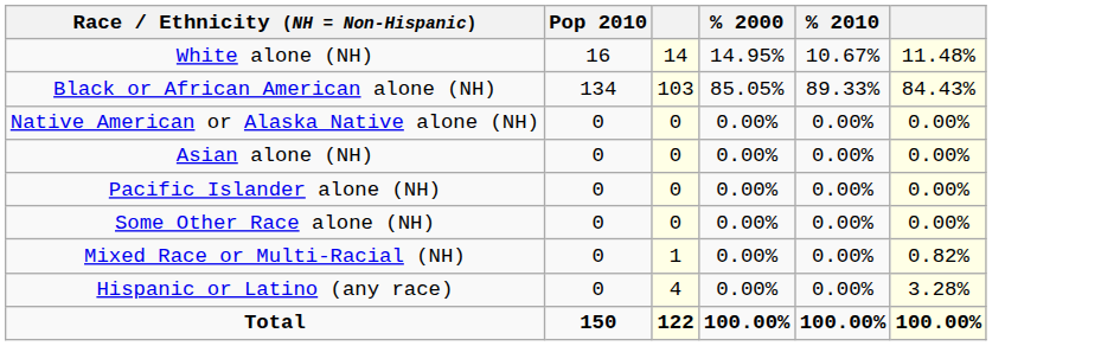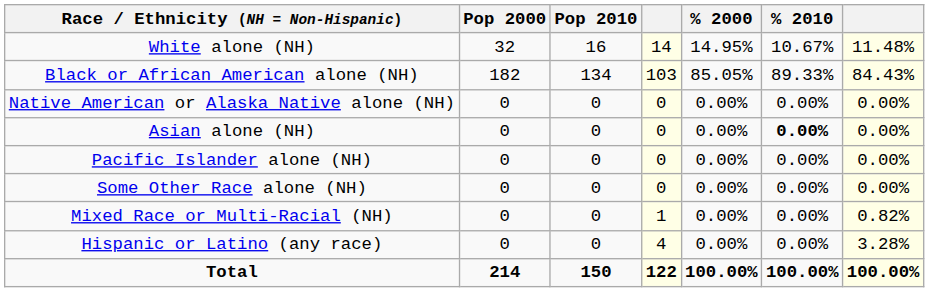 <table class="wikitable" style="text-align:center;">
 <tr>
 <th>Race / Ethnicity <small>(<em>NH = Non-Hispanic</em>)</small></th>
+<th>Pop 2000</th>
 <th>Pop 2010</th>
 <th></th>
 <th>% 2000</th>
 <th>% 2010</th>
 <th></th>
 </tr>
 <tr>
 <td><a href='#'>White</a> alone (NH)</td>
+<td>32</td>
 <td>16</td>
 <td style='background: #ffffe6;'>14</td>
 <td>14.95%</td>
 <td>10.67%</td>
 <td style='background: #ffffe6;'>11.48%</td>
 </tr>
 <tr>
 <td><a href='#'>Black or African American</a> alone (NH)</td>
+<td>182</td>
 <td>134</td>
 <td style='background: #ffffe6;'>103</td>
 <td>85.05%</td>
 <td>89.33%</td>
 <td style='background: #ffffe6;'>84.43%</td>
 </tr>
 <tr>
 <td><a href='#'>Native American</a> or <a href='#'>Alaska Native</a> alone (NH)</td>
 <td>0</td>
+<td>0</td>
 <td style='background: #ffffe6;'>0</td>
 <td>0.00%</td>
 <td>0.00%</td>
 <td style='background: #ffffe6;'>0.00%</td>
 </tr>
 <tr>
 <td><a href='#'>Asian</a> alone (NH)</td>
 <td>0</td>
+<td>0</td>
 <td style='background: #ffffe6;'>0</td>
 <td>0.00%</td>
-<td>0.00%</td>
+<td><strong>0.00%</strong></td>
 <td style='background: #ffffe6;'>0.00%</td>
 </tr>
 <tr>
 <td><a href='#'>Pacific Islander</a> alone (NH)</td>
+<td>0</td>
 <td>0</td>
 <td style='background: #ffffe6;'>0</td>
 <td>0.00%</td>
 <td>0.00%</td>
 <td style='background: #ffffe6;'>0.00%</td>
 </tr>
 <tr>
 <td><a href='#'>Some Other Race</a> alone (NH)</td>
 <td>0</td>
+<td>0</td>
 <td style='background: #ffffe6;'>0</td>
 <td>0.00%</td>
 <td>0.00%</td>
 <td style='background: #ffffe6;'>0.00%</td>
 </tr>
 <tr>
 <td><a href='#'>Mixed Race or Multi-Racial</a> (NH)</td>
+<td>0</td>
 <td>0</td>
 <td style='background: #ffffe6;'>1</td>
 <td>0.00%</td>
 <td>0.00%</td>
 <td style='background: #ffffe6;'>0.82%</td>
 </tr>
 <tr>
 <td><a href='#'>Hispanic or Latino</a> (any race)</td>
 <td>0</td>
+<td>0</td>
 <td style='background: #ffffe6;'>4</td>
 <td>0.00%</td>
 <td>0.00%</td>
 <td style='background: #ffffe6;'>3.28%</td>
 </tr>
 <tr>
 <td><strong>Total</strong></td>
+<td><strong>214</strong></td>
 <td><strong>150</strong></td>
 <td style='background: #ffffe6;'><strong>122</strong></td>
 <td><strong>100.00%</strong></td>
 <td><strong>100.00%</strong></td>
 <td style='background: #ffffe6;'><strong>100.00%</strong></td>
 </tr>
 </table>
